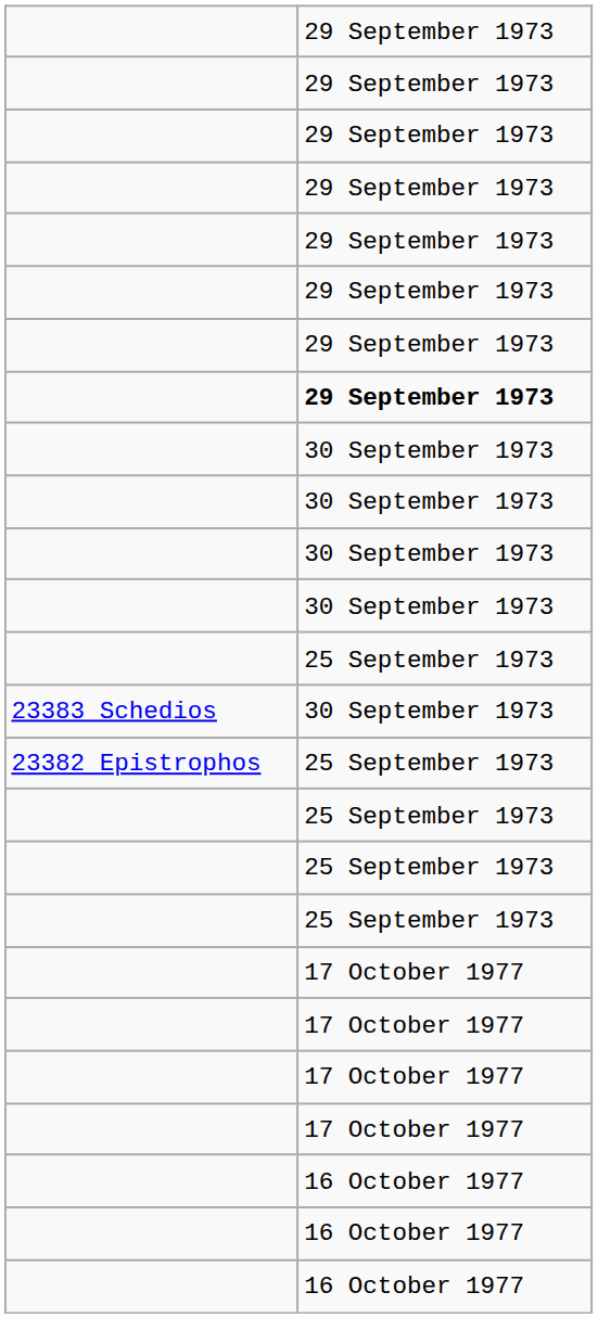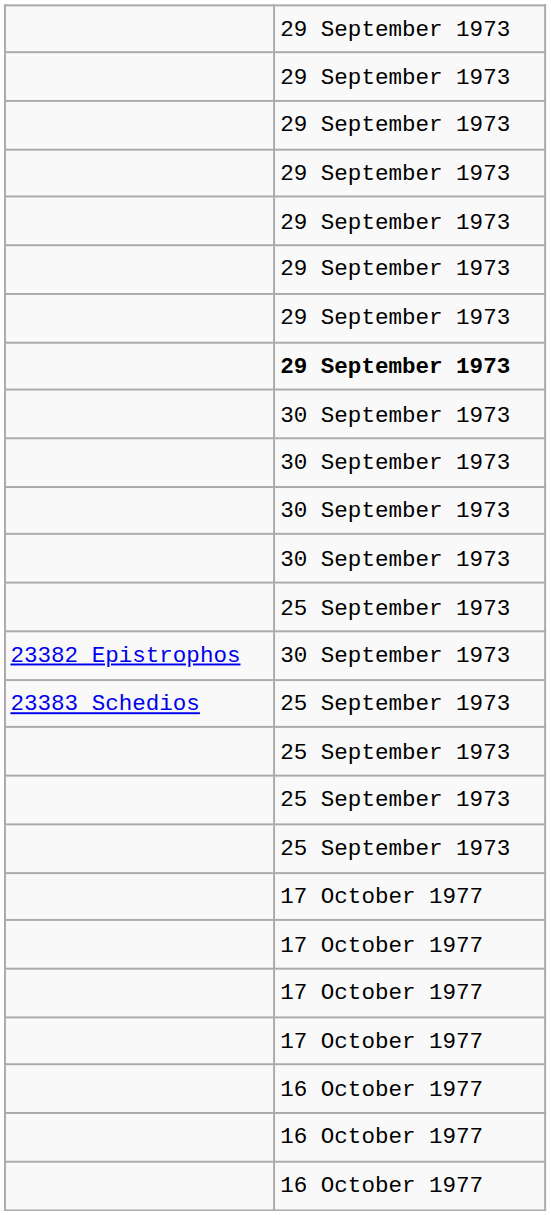 <table class="wikitable" style="font-size: 89%; float: left; width: 24em; margin-right: 1em; line-height: 1.65em">
 <tr>
 <td></td>
 <td>29 September 1973</td>
 </tr>
 <tr>
 <td></td>
 <td>29 September 1973</td>
 </tr>
 <tr>
 <td></td>
 <td>29 September 1973</td>
 </tr>
 <tr>
 <td></td>
 <td>29 September 1973</td>
 </tr>
 <tr>
 <td></td>
 <td>29 September 1973</td>
 </tr>
 <tr>
 <td></td>
 <td>29 September 1973</td>
 </tr>
 <tr>
 <td></td>
 <td>29 September 1973</td>
 </tr>
 <tr>
 <td></td>
 <td><strong>29 September 1973</strong></td>
 </tr>
 <tr>
 <td></td>
 <td>30 September 1973</td>
 </tr>
 <tr>
 <td></td>
 <td>30 September 1973</td>
 </tr>
 <tr>
 <td></td>
 <td>30 September 1973</td>
 </tr>
 <tr>
 <td></td>
 <td>30 September 1973</td>
 </tr>
 <tr>
 <td></td>
 <td>25 September 1973</td>
 </tr>
 <tr>
-<td><a href='#'>23383 Schedios</a></td>
+<td><a href='#'>23382 Epistrophos</a></td>
 <td>30 September 1973</td>
 </tr>
 <tr>
-<td><a href='#'>23382 Epistrophos</a></td>
+<td><a href='#'>23383 Schedios</a></td>
 <td>25 September 1973</td>
 </tr>
 <tr>
 <td></td>
 <td>25 September 1973</td>
 </tr>
 <tr>
 <td></td>
 <td>25 September 1973</td>
 </tr>
 <tr>
 <td></td>
 <td>25 September 1973</td>
 </tr>
 <tr>
 <td></td>
 <td>17 October 1977</td>
 </tr>
 <tr>
 <td></td>
 <td>17 October 1977</td>
 </tr>
 <tr>
 <td></td>
 <td>17 October 1977</td>
 </tr>
 <tr>
 <td></td>
 <td>17 October 1977</td>
 </tr>
 <tr>
 <td></td>
 <td>16 October 1977</td>
 </tr>
 <tr>
 <td></td>
 <td>16 October 1977</td>
 </tr>
 <tr>
 <td></td>
 <td>16 October 1977</td>
 </tr>
 </table>
